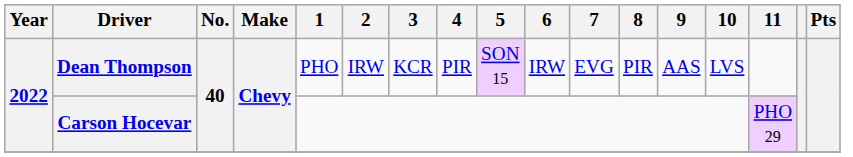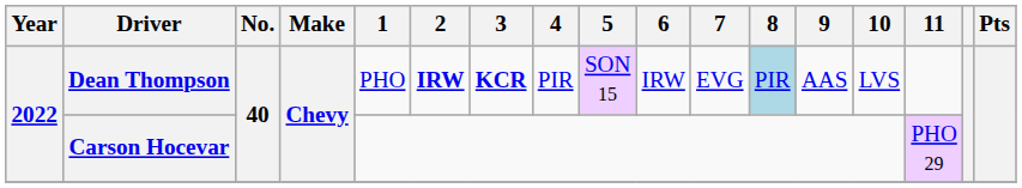 <table class="wikitable" style="text-align:center; font-size:75%">
 <tr>
 <th>Year</th>
 <th>Driver</th>
 <th>No.</th>
 <th>Make</th>
 <th>1</th>
 <th>2</th>
 <th>3</th>
 <th>4</th>
 <th>5</th>
 <th>6</th>
 <th>7</th>
 <th>8</th>
 <th>9</th>
 <th>10</th>
 <th>11</th>
 <th></th>
 <th>Pts</th>
 </tr>
 <tr>
 <th rowspan=2><a href='#'>2022</a></th>
 <th><a href='#'>Dean Thompson</a></th>
 <th rowspan=2>40</th>
 <th rowspan=2><a href='#'>Chevy</a></th>
 <td><a href='#'>PHO</a></td>
-<td><a href='#'>IRW</a></td>
-<td><a href='#'>KCR</a></td>
+<td><strong><a href='#'>IRW</a></strong></td>
+<td><strong><a href='#'>KCR</a></strong></td>
 <td><a href='#'>PIR</a></td>
 <td style="background:#EFCFFF;"><a href='#'>SON</a><br><small>15</small></td>
 <td><a href='#'>IRW</a></td>
 <td><a href='#'>EVG</a></td>
-<td><a href='#'>PIR</a></td>
+<td style="background: lightblue;"><a href='#'>PIR</a></td>
 <td><a href='#'>AAS</a></td>
 <td><a href='#'>LVS</a></td>
 <td></td>
 <th rowspan=2></th>
 <th rowspan=2></th>
 </tr>
 <tr>
 <th><a href='#'>Carson Hocevar</a></th>
 <td colspan=10></td>
 <td style="background:#EFCFFF;"><a href='#'>PHO</a><br><small>29</small></td>
 </tr>
 <tr>
 </tr>
 </table>
